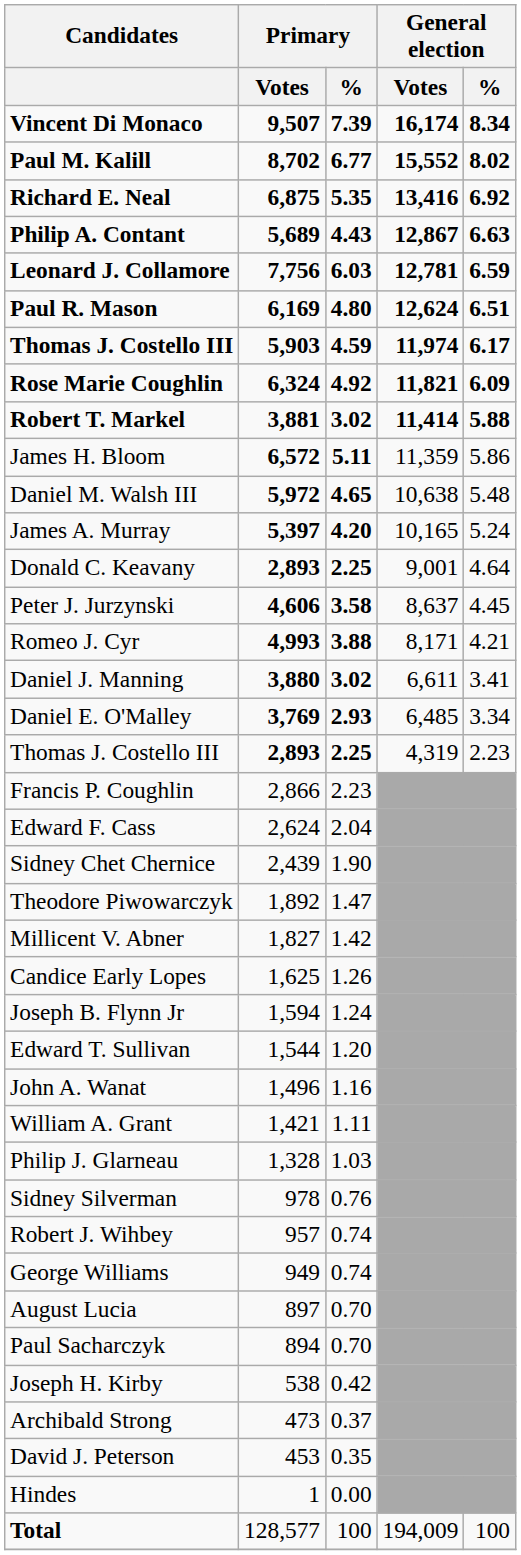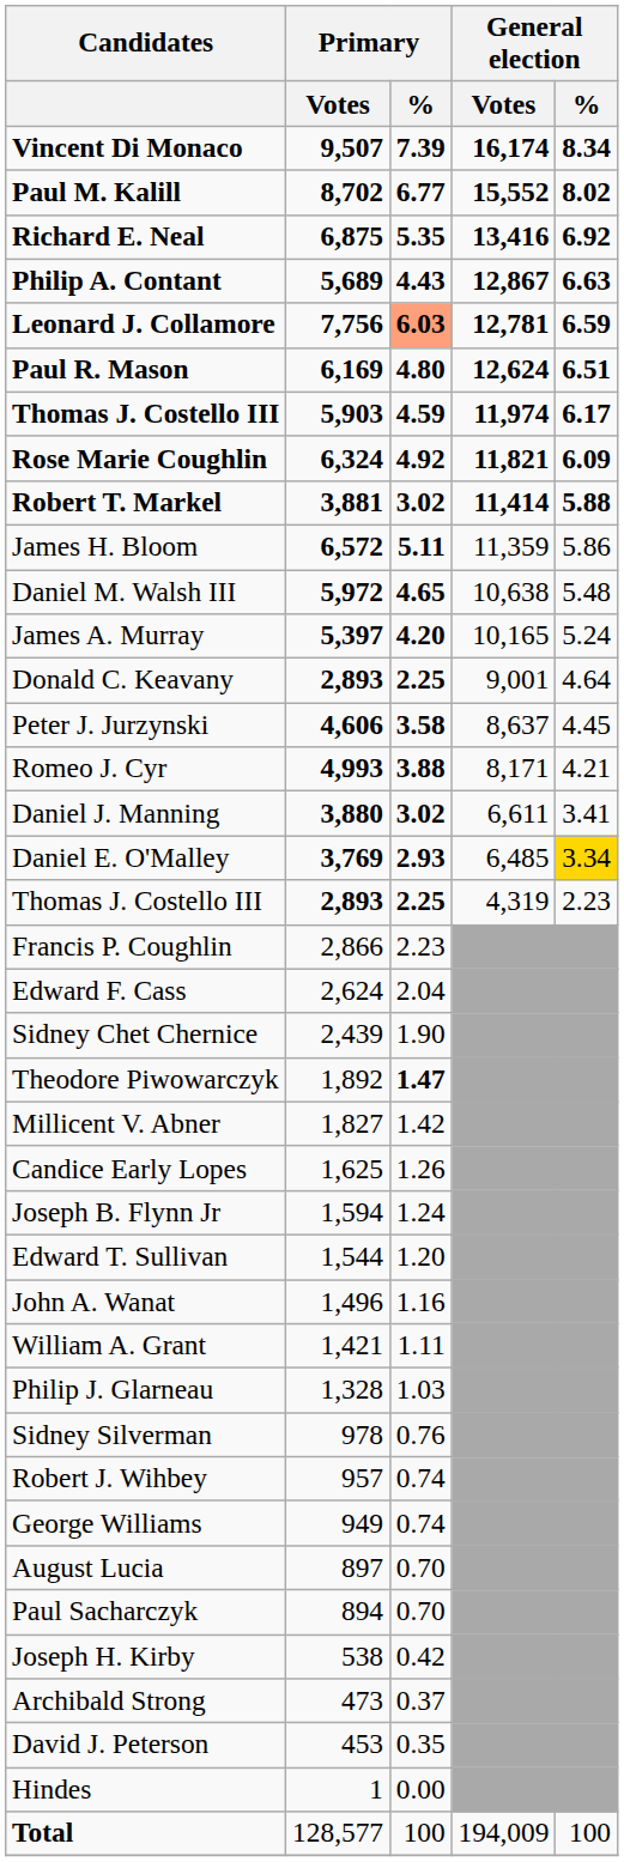 <table class=wikitable>
 <tr>
 <th colspan=1>Candidates</th>
 <th colspan=2>Primary</th>
 <th colspan=2>General<br>election</th>
 </tr>
 <tr>
 <th></th>
 <th>Votes</th>
 <th>%</th>
 <th>Votes</th>
 <th>%</th>
 </tr>
 <tr>
 <td><strong>Vincent Di Monaco</strong></td>
 <td align="right"><strong>9,507</strong></td>
 <td align="right"><strong>7.39</strong></td>
 <td align="right"><strong>16,174</strong></td>
 <td align="right"><strong>8.34</strong></td>
 </tr>
 <tr>
 <td><strong>Paul M. Kalill</strong></td>
 <td align="right"><strong>8,702</strong></td>
 <td align="right"><strong>6.77</strong></td>
 <td align="right"><strong>15,552</strong></td>
 <td align="right"><strong>8.02</strong></td>
 </tr>
 <tr>
 <td><strong>Richard E. Neal</strong></td>
 <td align="right"><strong>6,875</strong></td>
 <td align="right"><strong>5.35</strong></td>
 <td align="right"><strong>13,416</strong></td>
 <td align="right"><strong>6.92</strong></td>
 </tr>
 <tr>
 <td><strong>Philip A. Contant</strong></td>
 <td align="right"><strong>5,689</strong></td>
 <td align="right"><strong>4.43</strong></td>
 <td align="right"><strong>12,867</strong></td>
 <td align="right"><strong>6.63</strong></td>
 </tr>
 <tr>
 <td><strong>Leonard J. Collamore</strong></td>
 <td align="right"><strong>7,756</strong></td>
-<td align="right"><strong>6.03</strong></td>
+<td align="right" style="background: lightsalmon;"><strong>6.03</strong></td>
 <td align="right"><strong>12,781</strong></td>
 <td align="right"><strong>6.59</strong></td>
 </tr>
 <tr>
 <td><strong>Paul R. Mason</strong></td>
 <td align="right"><strong>6,169</strong></td>
 <td align="right"><strong>4.80</strong></td>
 <td align="right"><strong>12,624</strong></td>
 <td align="right"><strong>6.51</strong></td>
 </tr>
 <tr>
 <td><strong>Thomas J. Costello III</strong></td>
 <td align="right"><strong>5,903</strong></td>
 <td align="right"><strong>4.59</strong></td>
 <td align="right"><strong>11,974</strong></td>
 <td align="right"><strong>6.17</strong></td>
 </tr>
 <tr>
 <td><strong>Rose Marie Coughlin</strong></td>
 <td align="right"><strong>6,324</strong></td>
 <td align="right"><strong>4.92</strong></td>
 <td align="right"><strong>11,821</strong></td>
 <td align="right"><strong>6.09</strong></td>
 </tr>
 <tr>
 <td><strong>Robert T. Markel</strong></td>
 <td align="right"><strong>3,881</strong></td>
 <td align="right"><strong>3.02</strong></td>
 <td align="right"><strong>11,414</strong></td>
 <td align="right"><strong>5.88</strong></td>
 </tr>
 <tr>
 <td>James H. Bloom</td>
 <td align="right"><strong>6,572</strong></td>
 <td align="right"><strong>5.11</strong></td>
 <td align="right">11,359</td>
 <td align="right">5.86</td>
 </tr>
 <tr>
 <td>Daniel M. Walsh III</td>
 <td align="right"><strong>5,972</strong></td>
 <td align="right"><strong>4.65</strong></td>
 <td align="right">10,638</td>
 <td align="right">5.48</td>
 </tr>
 <tr>
 <td>James A. Murray</td>
 <td align="right"><strong>5,397</strong></td>
 <td align="right"><strong>4.20</strong></td>
 <td align="right">10,165</td>
 <td align="right">5.24</td>
 </tr>
 <tr>
 <td>Donald C. Keavany</td>
 <td align="right"><strong>2,893</strong></td>
 <td align="right"><strong>2.25</strong></td>
 <td align="right">9,001</td>
 <td align="right">4.64</td>
 </tr>
 <tr>
 <td>Peter J. Jurzynski</td>
 <td align="right"><strong>4,606</strong></td>
 <td align="right"><strong>3.58</strong></td>
 <td align="right">8,637</td>
 <td align="right">4.45</td>
 </tr>
 <tr>
 <td>Romeo J. Cyr</td>
 <td align="right"><strong>4,993</strong></td>
 <td align="right"><strong>3.88</strong></td>
 <td align="right">8,171</td>
 <td align="right">4.21</td>
 </tr>
 <tr>
 <td>Daniel J. Manning</td>
 <td align="right"><strong>3,880</strong></td>
 <td align="right"><strong>3.02</strong></td>
 <td align="right">6,611</td>
 <td align="right">3.41</td>
 </tr>
 <tr>
 <td>Daniel E. O'Malley</td>
 <td align="right"><strong>3,769</strong></td>
 <td align="right"><strong>2.93</strong></td>
 <td align="right">6,485</td>
-<td align="right">3.34</td>
+<td align="right" style="background: gold;">3.34</td>
 </tr>
 <tr>
 <td>Thomas J. Costello III</td>
 <td align="right"><strong>2,893</strong></td>
 <td align="right"><strong>2.25</strong></td>
 <td align="right">4,319</td>
 <td align="right">2.23</td>
 </tr>
 <tr>
 <td>Francis P. Coughlin</td>
 <td align="right">2,866</td>
 <td align="right">2.23</td>
 <td colspan=2 bgcolor=darkgray></td>
 </tr>
 <tr>
 <td>Edward F. Cass</td>
 <td align="right">2,624</td>
 <td align="right">2.04</td>
 <td colspan=2 bgcolor=darkgray></td>
 </tr>
 <tr>
 <td>Sidney Chet Chernice</td>
 <td align="right">2,439</td>
 <td align="right">1.90</td>
 <td colspan=2 bgcolor=darkgray></td>
 </tr>
 <tr>
 <td>Theodore Piwowarczyk</td>
 <td align="right">1,892</td>
-<td align="right">1.47</td>
+<td align="right"><strong>1.47</strong></td>
 <td colspan=2 bgcolor=darkgray></td>
 </tr>
 <tr>
 <td>Millicent V. Abner</td>
 <td align="right">1,827</td>
 <td align="right">1.42</td>
 <td colspan=2 bgcolor=darkgray></td>
 </tr>
 <tr>
 <td>Candice Early Lopes</td>
 <td align="right">1,625</td>
 <td align="right">1.26</td>
 <td colspan=2 bgcolor=darkgray></td>
 </tr>
 <tr>
 <td>Joseph B. Flynn Jr</td>
 <td align="right">1,594</td>
 <td align="right">1.24</td>
 <td colspan=2 bgcolor=darkgray></td>
 </tr>
 <tr>
 <td>Edward T. Sullivan</td>
 <td align="right">1,544</td>
 <td align="right">1.20</td>
 <td colspan=2 bgcolor=darkgray></td>
 </tr>
 <tr>
 <td>John A. Wanat</td>
 <td align="right">1,496</td>
 <td align="right">1.16</td>
 <td colspan=2 bgcolor=darkgray></td>
 </tr>
 <tr>
 <td>William A. Grant</td>
 <td align="right">1,421</td>
 <td align="right">1.11</td>
 <td colspan=2 bgcolor=darkgray></td>
 </tr>
 <tr>
 <td>Philip J. Glarneau</td>
 <td align="right">1,328</td>
 <td align="right">1.03</td>
 <td colspan=2 bgcolor=darkgray></td>
 </tr>
 <tr>
 <td>Sidney Silverman</td>
 <td align="right">978</td>
 <td align="right">0.76</td>
 <td colspan=2 bgcolor=darkgray></td>
 </tr>
 <tr>
 <td>Robert J. Wihbey</td>
 <td align="right">957</td>
 <td align="right">0.74</td>
 <td colspan=2 bgcolor=darkgray></td>
 </tr>
 <tr>
 <td>George Williams</td>
 <td align="right">949</td>
 <td align="right">0.74</td>
 <td colspan=2 bgcolor=darkgray></td>
 </tr>
 <tr>
 <td>August Lucia</td>
 <td align="right">897</td>
 <td align="right">0.70</td>
 <td colspan=2 bgcolor=darkgray></td>
 </tr>
 <tr>
 <td>Paul Sacharczyk</td>
 <td align="right">894</td>
 <td align="right">0.70</td>
 <td colspan=2 bgcolor=darkgray></td>
 </tr>
 <tr>
 <td>Joseph H. Kirby</td>
 <td align="right">538</td>
 <td align="right">0.42</td>
 <td colspan=2 bgcolor=darkgray></td>
 </tr>
 <tr>
 <td>Archibald Strong</td>
 <td align="right">473</td>
 <td align="right">0.37</td>
 <td colspan=2 bgcolor=darkgray></td>
 </tr>
 <tr>
 <td>David J. Peterson</td>
 <td align="right">453</td>
 <td align="right">0.35</td>
 <td colspan=2 bgcolor=darkgray></td>
 </tr>
 <tr>
 <td>Hindes</td>
 <td align="right">1</td>
 <td align="right">0.00</td>
 <td colspan=2 bgcolor=darkgray></td>
 </tr>
 <tr>
 <td><strong>Total</strong></td>
 <td align="right">128,577</td>
 <td align="right">100</td>
 <td align="right">194,009</td>
 <td align="right">100</td>
 </tr>
 <tr>
 </tr>
 </table>
